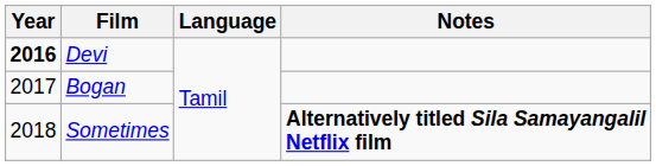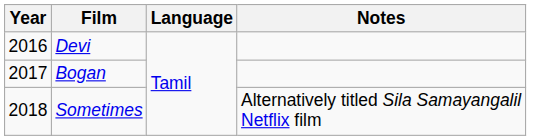 <table class="wikitable sortable">
 <tr>
 <th scope="col">Year</th>
 <th scope="col">Film</th>
 <th scope="col">Language</th>
 <th class="unsortable" scope="col">Notes</th>
 </tr>
 <tr>
-<td><strong>2016</strong></td>
+<td>2016</td>
 <td><em><a href='#'>Devi</a></em></td>
 <td rowspan="3"><a href='#'>Tamil</a></td>
 <td></td>
 </tr>
 <tr>
 <td>2017</td>
 <td><em><a href='#'>Bogan</a></em></td>
 <td></td>
 </tr>
 <tr>
 <td>2018</td>
 <td><em><a href='#'>Sometimes</a></em></td>
-<td><strong>Alternatively titled <em>Sila Samayangalil</em><br><a href='#'>Netflix</a> film</strong></td>
+<td>Alternatively titled <em>Sila Samayangalil</em><br><a href='#'>Netflix</a> film</td>
 </tr>
 </table>
